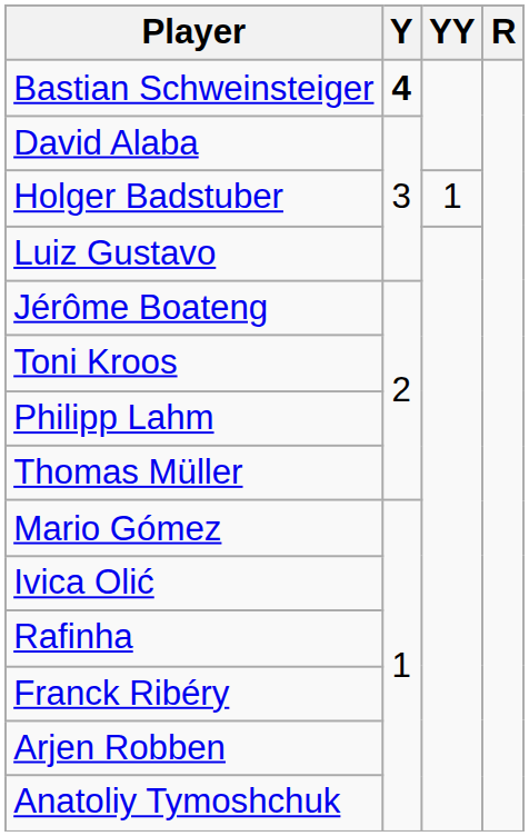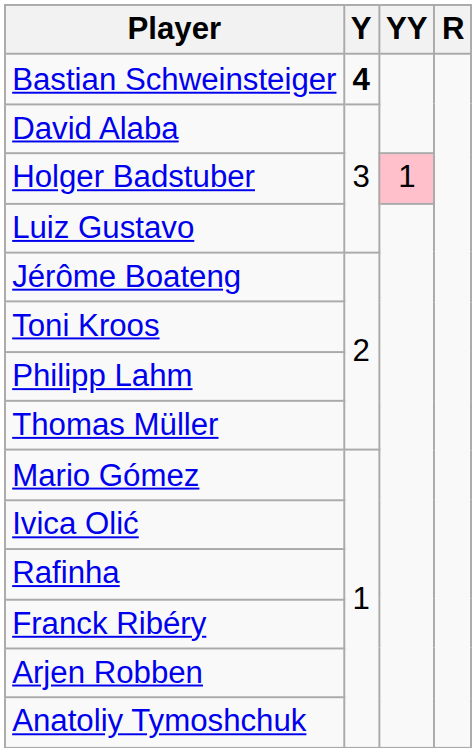 <table class="wikitable">
 <tr>
 <th>Player</th>
 <th>Y</th>
 <th>YY</th>
 <th>R</th>
 </tr>
 <tr>
 <td> <a href='#'>Bastian Schweinsteiger</a></td>
 <td align=center><strong>4</strong></td>
 <td rowspan="2" align=center></td>
 <td rowspan="14" align=center></td>
 </tr>
 <tr>
 <td> <a href='#'>David Alaba</a></td>
 <td rowspan="3" align=center>3</td>
 </tr>
 <tr>
 <td> <a href='#'>Holger Badstuber</a></td>
-<td align=center>1</td>
+<td align=center style="background: pink;">1</td>
 </tr>
 <tr>
 <td> <a href='#'>Luiz Gustavo</a></td>
 <td rowspan="11" align=center></td>
 </tr>
 <tr>
 <td> <a href='#'>Jérôme Boateng</a></td>
 <td rowspan="4" align=center>2</td>
 </tr>
 <tr>
 <td> <a href='#'>Toni Kroos</a></td>
 </tr>
 <tr>
 <td> <a href='#'>Philipp Lahm</a></td>
 </tr>
 <tr>
 <td> <a href='#'>Thomas Müller</a></td>
 </tr>
 <tr>
 <td> <a href='#'>Mario Gómez</a></td>
 <td rowspan="6" align=center>1</td>
 </tr>
 <tr>
 <td> <a href='#'>Ivica Olić</a></td>
 </tr>
 <tr>
 <td> <a href='#'>Rafinha</a></td>
 </tr>
 <tr>
 <td> <a href='#'>Franck Ribéry</a></td>
 </tr>
 <tr>
 <td> <a href='#'>Arjen Robben</a></td>
 </tr>
 <tr>
 <td> <a href='#'>Anatoliy Tymoshchuk</a></td>
 </tr>
 <tr>
 </tr>
 </table>
